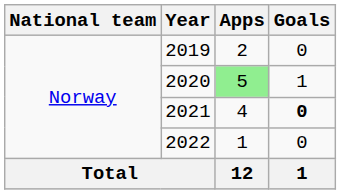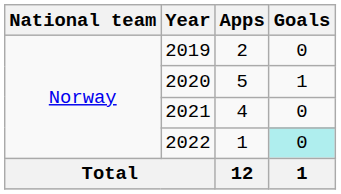 <table class="wikitable" style="text-align:center">
 <tr>
 <th>National team</th>
 <th>Year</th>
 <th>Apps</th>
 <th>Goals</th>
 </tr>
 <tr>
 <td rowspan="4"><a href='#'>Norway</a></td>
 <td>2019</td>
 <td>2</td>
 <td>0</td>
 </tr>
 <tr>
 <td>2020</td>
-<td style="background: lightgreen;">5</td>
+<td>5</td>
 <td>1</td>
 </tr>
 <tr>
 <td>2021</td>
 <td>4</td>
-<td><strong>0</strong></td>
+<td>0</td>
 </tr>
 <tr>
 <td>2022</td>
 <td>1</td>
-<td>0</td>
+<td style="background: paleturquoise;">0</td>
 </tr>
 <tr>
 <th colspan="2">Total</th>
 <th>12</th>
 <th>1</th>
 </tr>
 </table>
